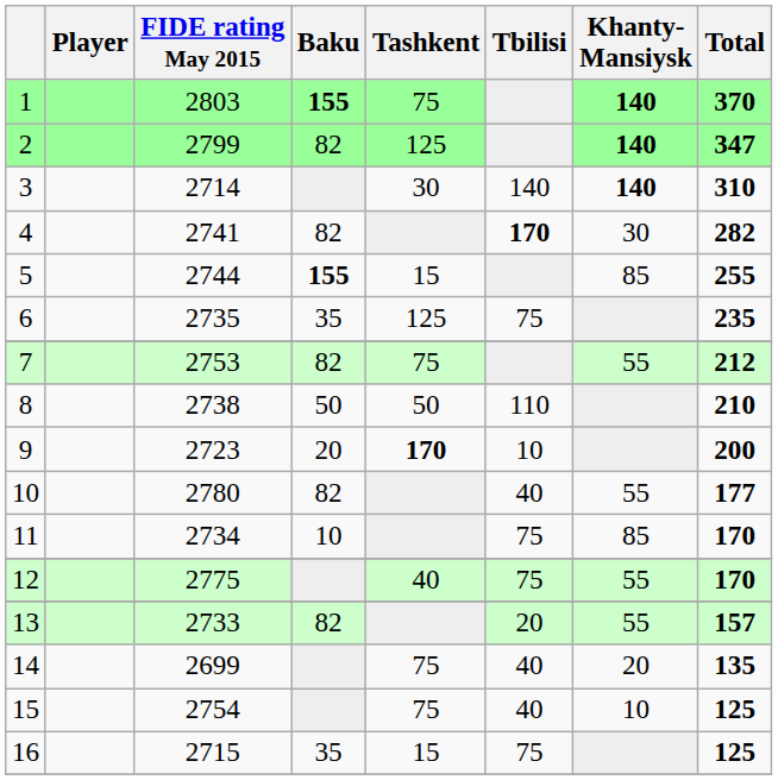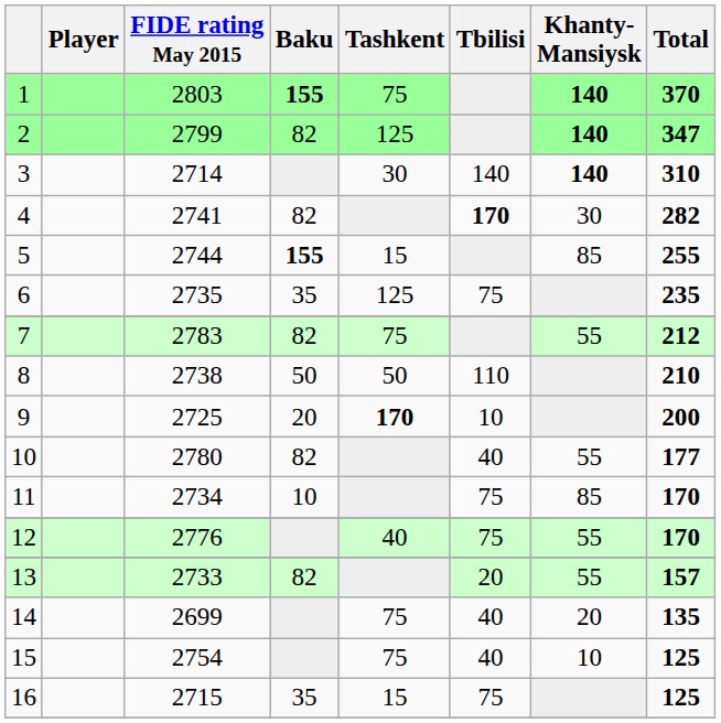 <table class="wikitable sortable" style="text-align: center;">
 <tr>
 <th></th>
 <th>Player</th>
 <th><a href='#'>FIDE rating</a><br><small>May 2015</small></th>
 <th>Baku</th>
 <th>Tashkent</th>
 <th>Tbilisi</th>
 <th>Khanty-<br>Mansiysk</th>
 <th>Total</th>
 </tr>
 <tr style="background:#99ff99;">
 <td>1</td>
 <td style="text-align:left;"></td>
 <td>2803</td>
 <td><strong>155</strong></td>
 <td>75</td>
 <td style="background:#eee;"></td>
 <td><strong>140</strong></td>
 <td><strong>370</strong></td>
 </tr>
 <tr style="background:#99ff99;">
 <td>2</td>
 <td style="text-align:left;"></td>
 <td>2799</td>
 <td>82</td>
 <td>125</td>
 <td style="background:#eee;"></td>
 <td><strong>140</strong></td>
 <td><strong>347</strong></td>
 </tr>
 <tr>
 <td>3</td>
 <td style="text-align:left;"></td>
 <td>2714</td>
 <td style="background:#eee;"></td>
 <td>30</td>
 <td>140</td>
 <td><strong>140</strong></td>
 <td><strong>310</strong></td>
 </tr>
 <tr>
 <td>4</td>
 <td style="text-align:left;"></td>
 <td>2741</td>
 <td>82</td>
 <td style="background:#eee;"></td>
 <td><strong>170</strong></td>
 <td>30</td>
 <td><strong>282</strong></td>
 </tr>
 <tr>
 <td>5</td>
 <td style="text-align:left;"></td>
 <td>2744</td>
 <td><strong>155</strong></td>
 <td>15</td>
 <td style="background:#eee;"></td>
 <td>85</td>
 <td><strong>255</strong></td>
 </tr>
 <tr>
 <td>6</td>
 <td style="text-align:left;"></td>
 <td>2735</td>
 <td>35</td>
 <td>125</td>
 <td>75</td>
 <td style="background:#eee;"></td>
 <td><strong>235</strong></td>
 </tr>
 <tr>
 </tr>
 <tr style="background:#ccffcc;">
 <td>7</td>
 <td style="text-align:left;"></td>
-<td>2753</td>
+<td>2783</td>
 <td>82</td>
 <td>75</td>
 <td style="background:#eee;"></td>
 <td>55</td>
 <td><strong>212</strong></td>
 </tr>
 <tr>
 <td>8</td>
 <td style="text-align:left;"></td>
 <td>2738</td>
 <td>50</td>
 <td>50</td>
 <td>110</td>
 <td style="background:#eee;"></td>
 <td><strong>210</strong></td>
 </tr>
 <tr>
 <td>9</td>
 <td style="text-align:left;"></td>
-<td>2723</td>
+<td>2725</td>
 <td>20</td>
 <td><strong>170</strong></td>
 <td>10</td>
 <td style="background:#eee;"></td>
 <td><strong>200</strong></td>
 </tr>
 <tr>
 <td>10</td>
 <td style="text-align:left;"></td>
 <td>2780</td>
 <td>82</td>
 <td style="background:#eee;"></td>
 <td>40</td>
 <td>55</td>
 <td><strong>177</strong></td>
 </tr>
 <tr>
 <td>11</td>
 <td style="text-align:left;"></td>
 <td>2734</td>
 <td>10</td>
 <td style="background:#eee;"></td>
 <td>75</td>
 <td>85</td>
 <td><strong>170</strong></td>
 </tr>
 <tr>
 </tr>
 <tr style="background:#ccffcc;">
 <td>12</td>
 <td style="text-align:left;"></td>
-<td>2775</td>
+<td>2776</td>
 <td style="background:#eee;"></td>
 <td>40</td>
 <td>75</td>
 <td>55</td>
 <td><strong>170</strong></td>
 </tr>
 <tr>
 </tr>
 <tr style="background:#ccffcc;">
 <td>13</td>
 <td style="text-align:left;"></td>
 <td>2733</td>
 <td>82</td>
 <td style="background:#eee;"></td>
 <td>20</td>
 <td>55</td>
 <td><strong>157</strong></td>
 </tr>
 <tr>
 <td>14</td>
 <td style="text-align:left;"></td>
 <td>2699</td>
 <td style="background:#eee;"></td>
 <td>75</td>
 <td>40</td>
 <td>20</td>
 <td><strong>135</strong></td>
 </tr>
 <tr>
 <td>15</td>
 <td style="text-align:left;"></td>
 <td>2754</td>
 <td style="background:#eee;"></td>
 <td>75</td>
 <td>40</td>
 <td>10</td>
 <td><strong>125</strong></td>
 </tr>
 <tr>
 <td>16</td>
 <td style="text-align:left;"></td>
 <td>2715</td>
 <td>35</td>
 <td>15</td>
 <td>75</td>
 <td style="background:#eee;"></td>
 <td><strong>125</strong></td>
 </tr>
 <tr>
 </tr>
 </table>
